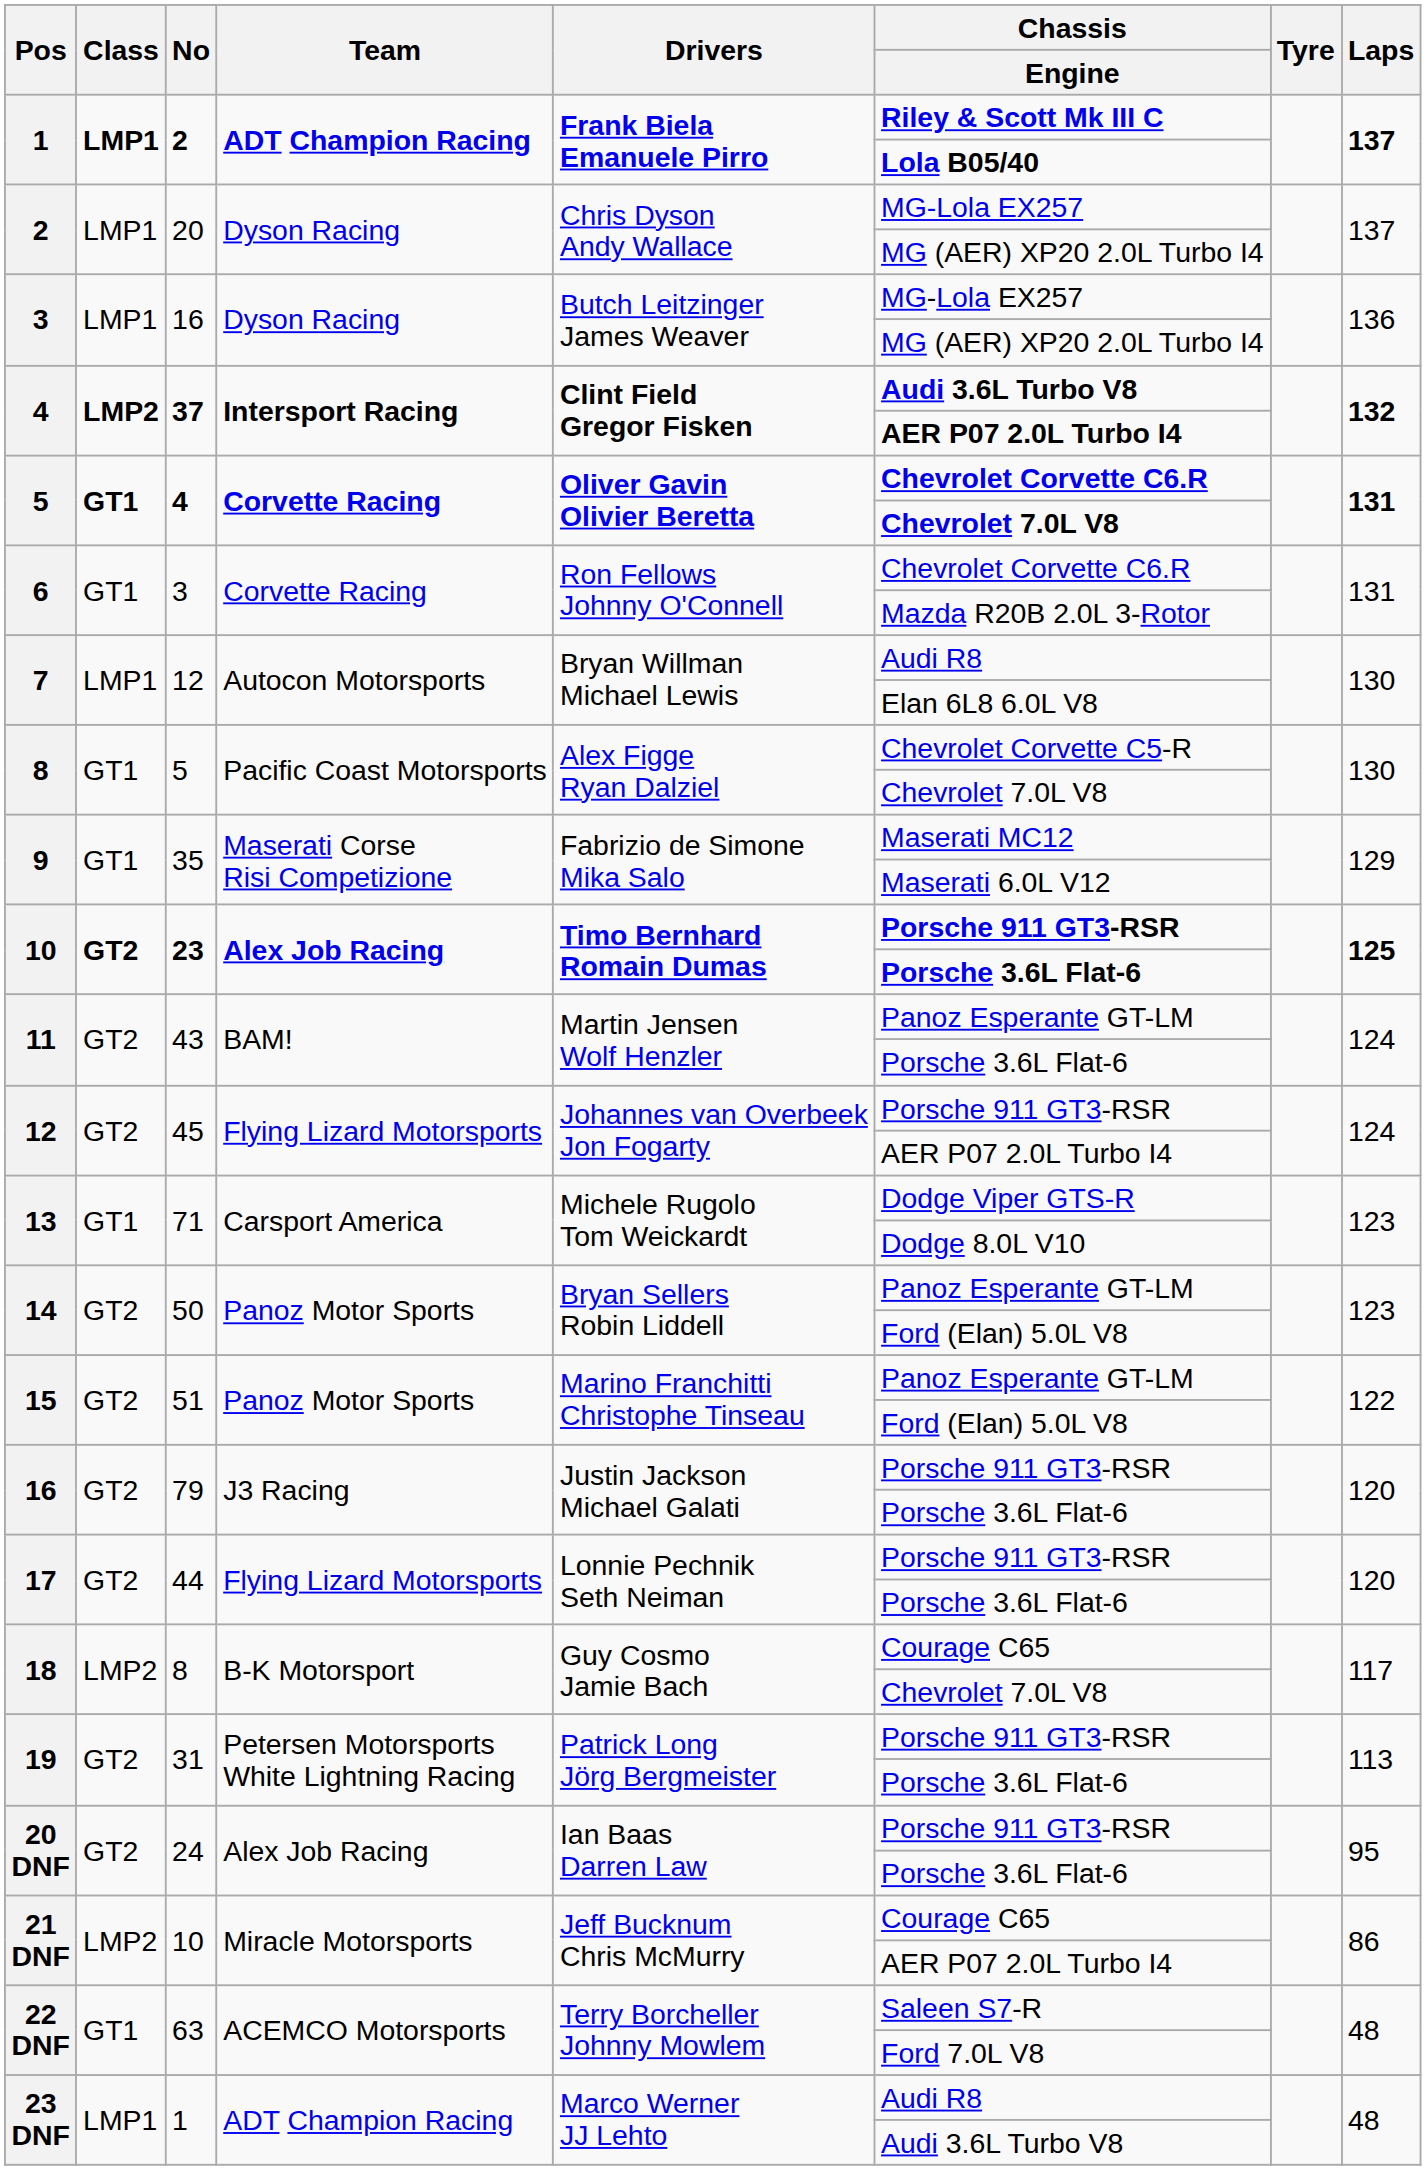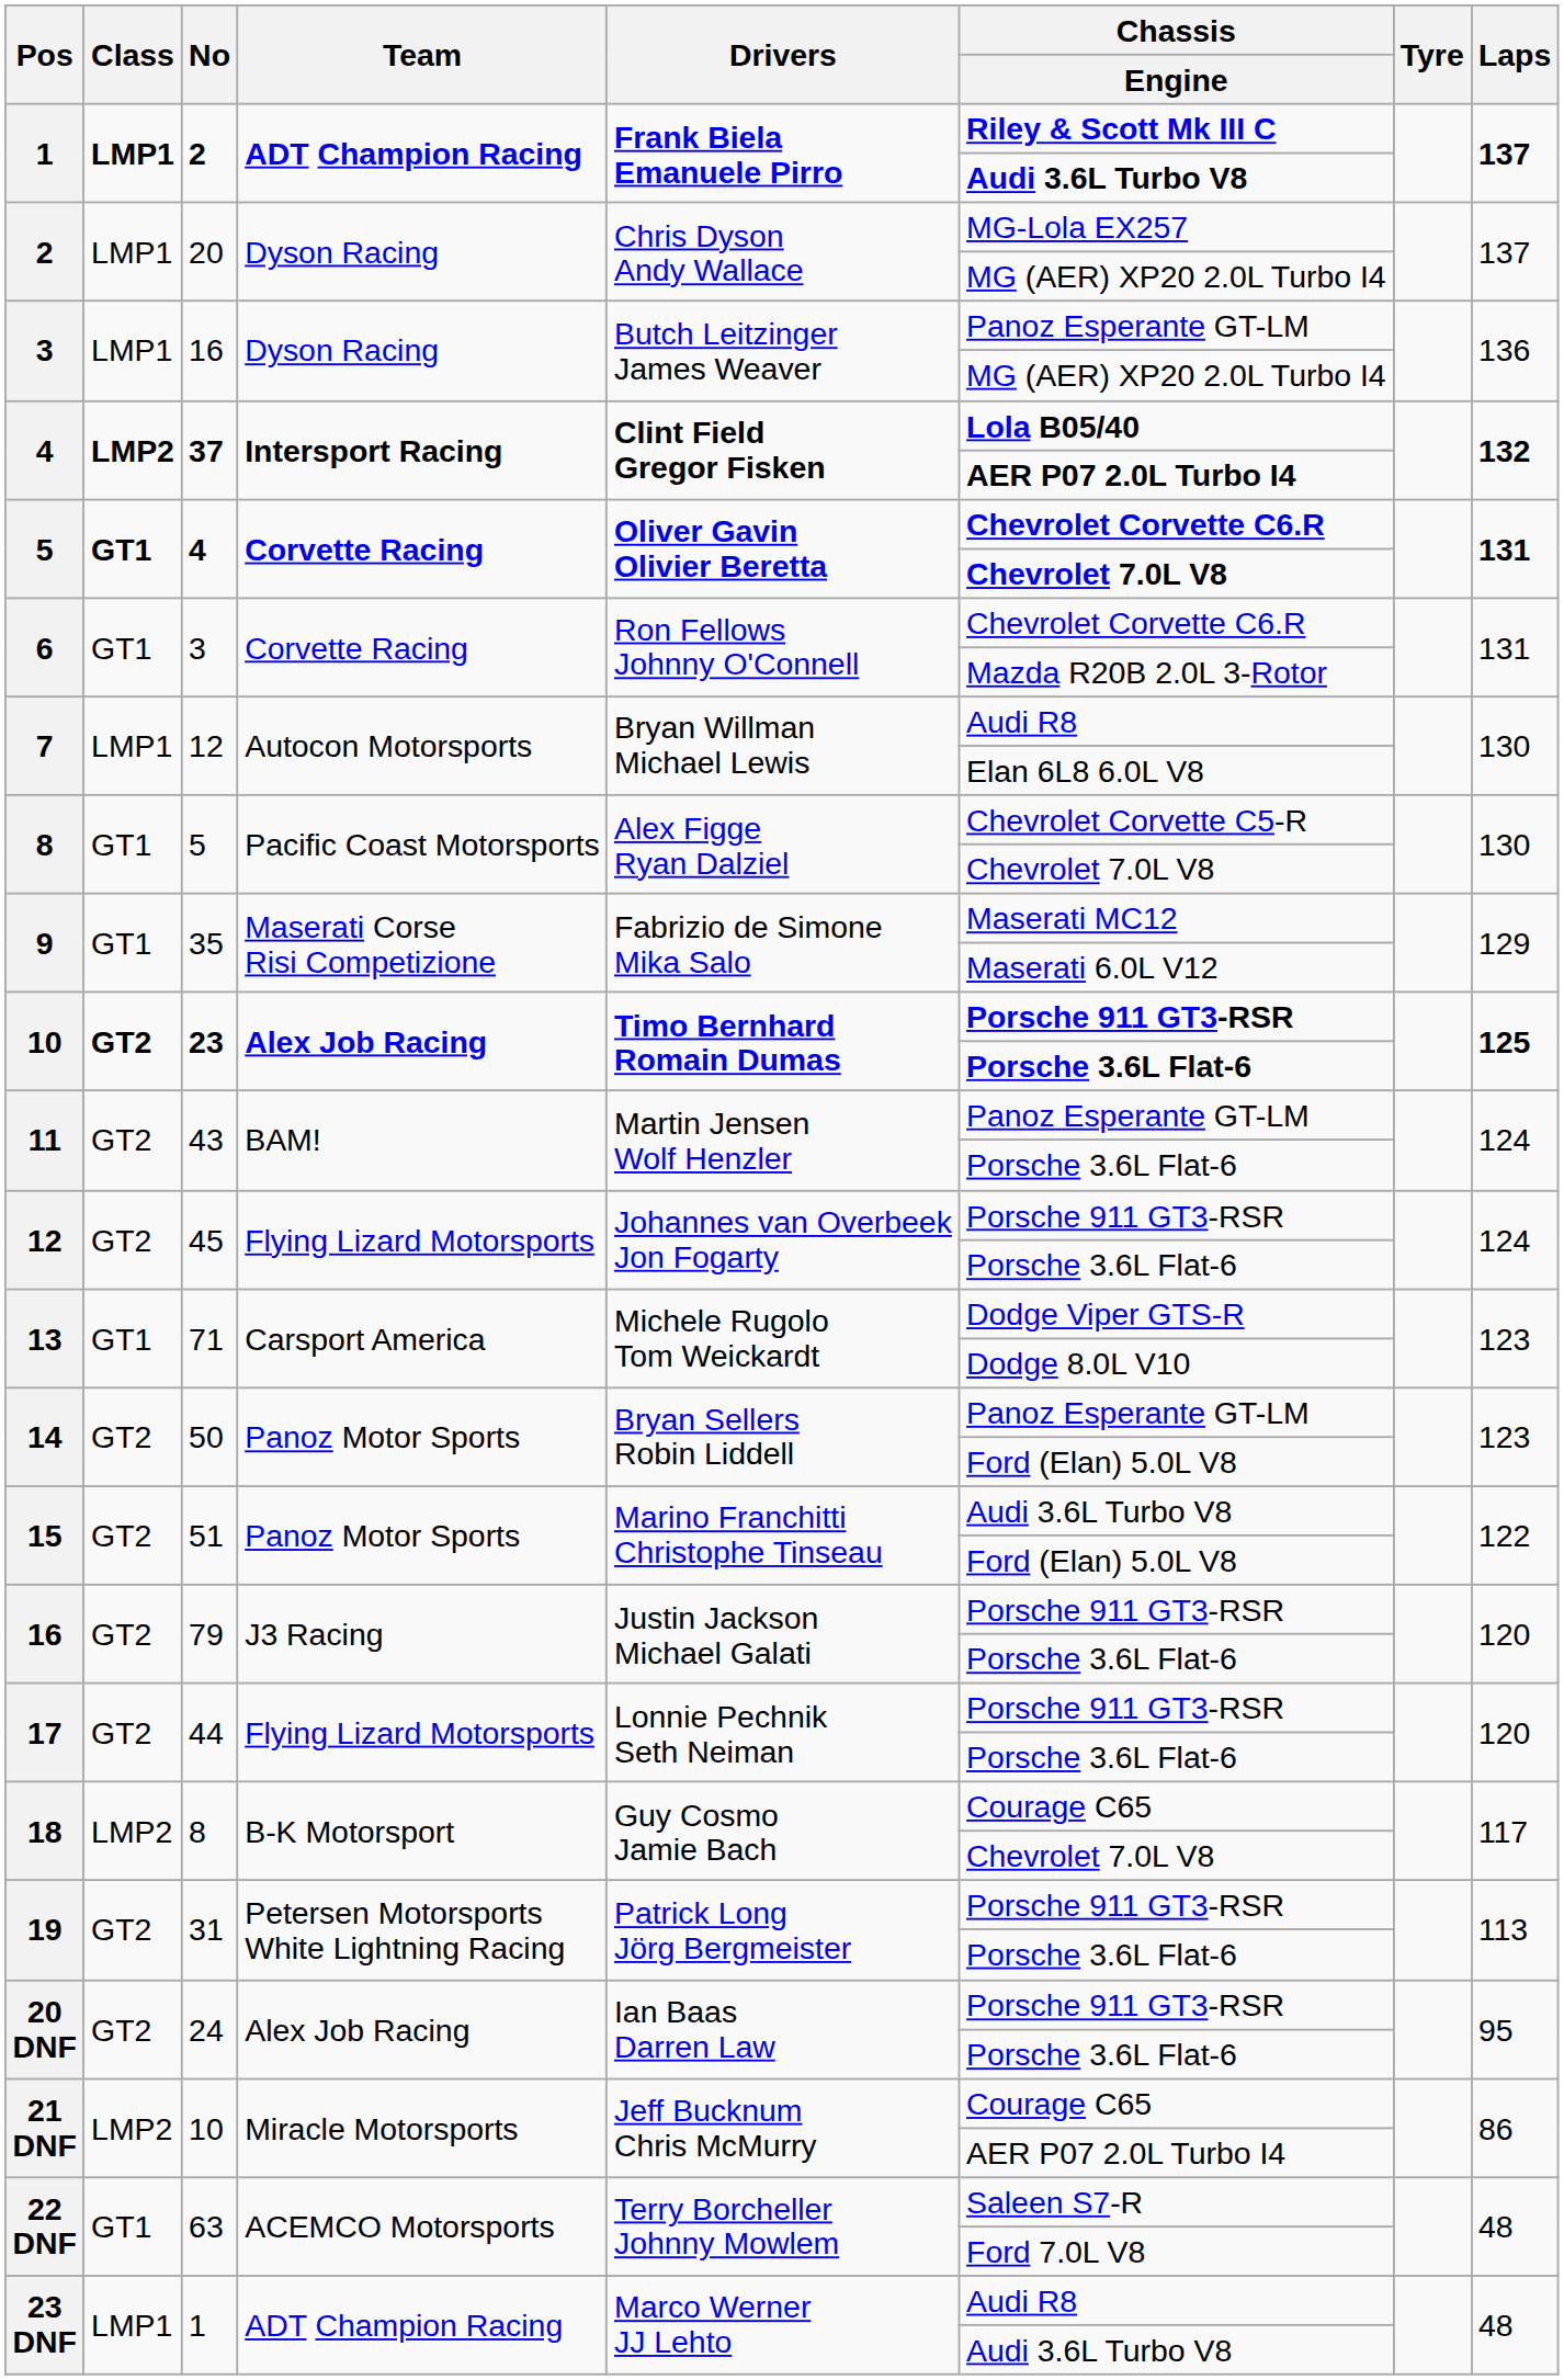 <table class="wikitable" style="font-size: 95%;">
 <tr>
 <th rowspan=2>Pos</th>
 <th rowspan=2>Class</th>
 <th rowspan=2>No</th>
 <th rowspan=2>Team</th>
 <th rowspan=2>Drivers</th>
 <th>Chassis</th>
 <th rowspan=2>Tyre</th>
 <th rowspan=2>Laps</th>
 </tr>
 <tr>
 <th>Engine</th>
 </tr>
 <tr style="font-weight:bold">
 <th rowspan=2>1</th>
 <td rowspan=2>LMP1</td>
 <td rowspan=2>2</td>
 <td rowspan=2> <a href='#'>ADT</a> <a href='#'>Champion Racing</a></td>
 <td rowspan=2> <a href='#'>Frank Biela</a><br> <a href='#'>Emanuele Pirro</a></td>
 <td><a href='#'>Riley & Scott Mk III C</a></td>
 <td rowspan=2></td>
 <td rowspan=2>137</td>
 </tr>
 <tr style="font-weight:bold">
-<td><a href='#'>Lola</a> B05/40</td>
+<td><a href='#'>Audi</a> 3.6L Turbo V8</td>
 </tr>
 <tr>
 <th rowspan=2>2</th>
 <td rowspan=2>LMP1</td>
 <td rowspan=2>20</td>
 <td rowspan=2> <a href='#'>Dyson Racing</a></td>
 <td rowspan=2> <a href='#'>Chris Dyson</a><br> <a href='#'>Andy Wallace</a></td>
 <td><a href='#'>MG-Lola EX257</a></td>
 <td rowspan=2></td>
 <td rowspan=2>137</td>
 </tr>
 <tr>
 <td><a href='#'>MG</a> (AER) XP20 2.0L Turbo I4</td>
 </tr>
 <tr>
 <th rowspan=2>3</th>
 <td rowspan=2>LMP1</td>
 <td rowspan=2>16</td>
 <td rowspan=2> <a href='#'>Dyson Racing</a></td>
 <td rowspan=2> <a href='#'>Butch Leitzinger</a><br> James Weaver</td>
-<td><a href='#'>MG</a>-<a href='#'>Lola</a> EX257</td>
+<td><a href='#'>Panoz Esperante</a> GT-LM</td>
 <td rowspan=2></td>
 <td rowspan=2>136</td>
 </tr>
 <tr>
 <td><a href='#'>MG</a> (AER) XP20 2.0L Turbo I4</td>
 </tr>
 <tr style="font-weight:bold">
 <th rowspan=2>4</th>
 <td rowspan=2>LMP2</td>
 <td rowspan=2>37</td>
 <td rowspan=2> Intersport Racing</td>
 <td rowspan=2> Clint Field<br> Gregor Fisken</td>
-<td><a href='#'>Audi</a> 3.6L Turbo V8</td>
+<td><a href='#'>Lola</a> B05/40</td>
 <td rowspan=2></td>
 <td rowspan=2>132</td>
 </tr>
 <tr style="font-weight:bold">
 <td>AER P07 2.0L Turbo I4</td>
 </tr>
 <tr style="font-weight:bold">
 <th rowspan=2>5</th>
 <td rowspan=2>GT1</td>
 <td rowspan=2>4</td>
 <td rowspan=2> <a href='#'>Corvette Racing</a></td>
 <td rowspan=2> <a href='#'>Oliver Gavin</a><br> <a href='#'>Olivier Beretta</a></td>
 <td><a href='#'>Chevrolet Corvette C6.R</a></td>
 <td rowspan=2></td>
 <td rowspan=2>131</td>
 </tr>
 <tr style="font-weight:bold">
 <td><a href='#'>Chevrolet</a> 7.0L V8</td>
 </tr>
 <tr>
 <th rowspan=2>6</th>
 <td rowspan=2>GT1</td>
 <td rowspan=2>3</td>
 <td rowspan=2> <a href='#'>Corvette Racing</a></td>
 <td rowspan=2> <a href='#'>Ron Fellows</a><br> <a href='#'>Johnny O'Connell</a></td>
 <td><a href='#'>Chevrolet Corvette C6.R</a></td>
 <td rowspan=2></td>
 <td rowspan=2>131</td>
 </tr>
 <tr>
 <td><a href='#'>Mazda</a> R20B 2.0L 3-<a href='#'>Rotor</a></td>
 </tr>
 <tr>
 <th rowspan=2>7</th>
 <td rowspan=2>LMP1</td>
 <td rowspan=2>12</td>
 <td rowspan=2> Autocon Motorsports</td>
 <td rowspan=2> Bryan Willman<br> Michael Lewis</td>
 <td><a href='#'>Audi R8</a></td>
 <td rowspan=2></td>
 <td rowspan=2>130</td>
 </tr>
 <tr>
 <td>Elan 6L8 6.0L V8</td>
 </tr>
 <tr>
 <th rowspan=2>8</th>
 <td rowspan=2>GT1</td>
 <td rowspan=2>5</td>
 <td rowspan=2> Pacific Coast Motorsports</td>
 <td rowspan=2> <a href='#'>Alex Figge</a><br> <a href='#'>Ryan Dalziel</a></td>
 <td><a href='#'>Chevrolet Corvette C5</a>-R</td>
 <td rowspan=2></td>
 <td rowspan=2>130</td>
 </tr>
 <tr>
 <td><a href='#'>Chevrolet</a> 7.0L V8</td>
 </tr>
 <tr>
 <th rowspan=2>9</th>
 <td rowspan=2>GT1</td>
 <td rowspan=2>35</td>
 <td rowspan=2> <a href='#'>Maserati</a> Corse<br> <a href='#'>Risi Competizione</a></td>
 <td rowspan=2> Fabrizio de Simone<br> <a href='#'>Mika Salo</a></td>
 <td><a href='#'>Maserati MC12</a></td>
 <td rowspan=2></td>
 <td rowspan=2>129</td>
 </tr>
 <tr>
 <td><a href='#'>Maserati</a> 6.0L V12</td>
 </tr>
 <tr style="font-weight:bold">
 <th rowspan=2>10</th>
 <td rowspan=2>GT2</td>
 <td rowspan=2>23</td>
 <td rowspan=2> <a href='#'>Alex Job Racing</a></td>
 <td rowspan=2> <a href='#'>Timo Bernhard</a><br> <a href='#'>Romain Dumas</a></td>
 <td><a href='#'>Porsche 911 GT3</a>-RSR</td>
 <td rowspan=2></td>
 <td rowspan=2>125</td>
 </tr>
 <tr style="font-weight:bold">
 <td><a href='#'>Porsche</a> 3.6L Flat-6</td>
 </tr>
 <tr>
 <th rowspan=2>11</th>
 <td rowspan=2>GT2</td>
 <td rowspan=2>43</td>
 <td rowspan=2> BAM!</td>
 <td rowspan=2> Martin Jensen<br> <a href='#'>Wolf Henzler</a></td>
 <td><a href='#'>Panoz Esperante</a> GT-LM</td>
 <td rowspan=2></td>
 <td rowspan=2>124</td>
 </tr>
 <tr>
 <td><a href='#'>Porsche</a> 3.6L Flat-6</td>
 </tr>
 <tr>
 <th rowspan=2>12</th>
 <td rowspan=2>GT2</td>
 <td rowspan=2>45</td>
 <td rowspan=2> <a href='#'>Flying Lizard Motorsports</a></td>
 <td rowspan=2> <a href='#'>Johannes van Overbeek</a><br> <a href='#'>Jon Fogarty</a></td>
 <td><a href='#'>Porsche 911 GT3</a>-RSR</td>
 <td rowspan=2></td>
 <td rowspan=2>124</td>
 </tr>
 <tr>
-<td>AER P07 2.0L Turbo I4</td>
+<td><a href='#'>Porsche</a> 3.6L Flat-6</td>
 </tr>
 <tr>
 <th rowspan=2>13</th>
 <td rowspan=2>GT1</td>
 <td rowspan=2>71</td>
 <td rowspan=2> Carsport America</td>
 <td rowspan=2> Michele Rugolo<br> Tom Weickardt</td>
 <td><a href='#'>Dodge Viper GTS-R</a></td>
 <td rowspan=2></td>
 <td rowspan=2>123</td>
 </tr>
 <tr>
 <td><a href='#'>Dodge</a> 8.0L V10</td>
 </tr>
 <tr>
 <th rowspan=2>14</th>
 <td rowspan=2>GT2</td>
 <td rowspan=2>50</td>
 <td rowspan=2> <a href='#'>Panoz</a> Motor Sports</td>
 <td rowspan=2> <a href='#'>Bryan Sellers</a><br> Robin Liddell</td>
 <td><a href='#'>Panoz Esperante</a> GT-LM</td>
 <td rowspan=2></td>
 <td rowspan=2>123</td>
 </tr>
 <tr>
 <td><a href='#'>Ford</a> (Elan) 5.0L V8</td>
 </tr>
 <tr>
 <th rowspan=2>15</th>
 <td rowspan=2>GT2</td>
 <td rowspan=2>51</td>
 <td rowspan=2> <a href='#'>Panoz</a> Motor Sports</td>
 <td rowspan=2> <a href='#'>Marino Franchitti</a><br> <a href='#'>Christophe Tinseau</a></td>
-<td><a href='#'>Panoz Esperante</a> GT-LM</td>
+<td><a href='#'>Audi</a> 3.6L Turbo V8</td>
 <td rowspan=2></td>
 <td rowspan=2>122</td>
 </tr>
 <tr>
 <td><a href='#'>Ford</a> (Elan) 5.0L V8</td>
 </tr>
 <tr>
 <th rowspan=2>16</th>
 <td rowspan=2>GT2</td>
 <td rowspan=2>79</td>
 <td rowspan=2> J3 Racing</td>
 <td rowspan=2> Justin Jackson<br> Michael Galati</td>
 <td><a href='#'>Porsche 911 GT3</a>-RSR</td>
 <td rowspan=2></td>
 <td rowspan=2>120</td>
 </tr>
 <tr>
 <td><a href='#'>Porsche</a> 3.6L Flat-6</td>
 </tr>
 <tr>
 <th rowspan=2>17</th>
 <td rowspan=2>GT2</td>
 <td rowspan=2>44</td>
 <td rowspan=2> <a href='#'>Flying Lizard Motorsports</a></td>
 <td rowspan=2> Lonnie Pechnik<br> Seth Neiman</td>
 <td><a href='#'>Porsche 911 GT3</a>-RSR</td>
 <td rowspan=2></td>
 <td rowspan=2>120</td>
 </tr>
 <tr>
 <td><a href='#'>Porsche</a> 3.6L Flat-6</td>
 </tr>
 <tr>
 <th rowspan=2>18</th>
 <td rowspan=2>LMP2</td>
 <td rowspan=2>8</td>
 <td rowspan=2> B-K Motorsport</td>
 <td rowspan=2> Guy Cosmo<br> Jamie Bach</td>
 <td><a href='#'>Courage</a> C65</td>
 <td rowspan=2></td>
 <td rowspan=2>117</td>
 </tr>
 <tr>
 <td><a href='#'>Chevrolet</a> 7.0L V8</td>
 </tr>
 <tr>
 <th rowspan=2>19</th>
 <td rowspan=2>GT2</td>
 <td rowspan=2>31</td>
 <td rowspan=2> Petersen Motorsports<br> White Lightning Racing</td>
 <td rowspan=2> <a href='#'>Patrick Long</a><br> <a href='#'>Jörg Bergmeister</a></td>
 <td><a href='#'>Porsche 911 GT3</a>-RSR</td>
 <td rowspan=2></td>
 <td rowspan=2>113</td>
 </tr>
 <tr>
 <td><a href='#'>Porsche</a> 3.6L Flat-6</td>
 </tr>
 <tr>
 <th rowspan=2>20<br>DNF</th>
 <td rowspan=2>GT2</td>
 <td rowspan=2>24</td>
 <td rowspan=2> Alex Job Racing</td>
 <td rowspan=2> Ian Baas<br> <a href='#'>Darren Law</a></td>
 <td><a href='#'>Porsche 911 GT3</a>-RSR</td>
 <td rowspan=2></td>
 <td rowspan=2>95</td>
 </tr>
 <tr>
 <td><a href='#'>Porsche</a> 3.6L Flat-6</td>
 </tr>
 <tr>
 <th rowspan=2>21<br>DNF</th>
 <td rowspan=2>LMP2</td>
 <td rowspan=2>10</td>
 <td rowspan=2> Miracle Motorsports</td>
 <td rowspan=2> <a href='#'>Jeff Bucknum</a><br> Chris McMurry</td>
 <td><a href='#'>Courage</a> C65</td>
 <td rowspan=2></td>
 <td rowspan=2>86</td>
 </tr>
 <tr>
 <td>AER P07 2.0L Turbo I4</td>
 </tr>
 <tr>
 <th rowspan=2>22<br>DNF</th>
 <td rowspan=2>GT1</td>
 <td rowspan=2>63</td>
 <td rowspan=2> ACEMCO Motorsports</td>
 <td rowspan=2> <a href='#'>Terry Borcheller</a><br> <a href='#'>Johnny Mowlem</a></td>
 <td><a href='#'>Saleen S7</a>-R</td>
 <td rowspan=2></td>
 <td rowspan=2>48</td>
 </tr>
 <tr>
 <td><a href='#'>Ford</a> 7.0L V8</td>
 </tr>
 <tr>
 <th rowspan=2>23<br>DNF</th>
 <td rowspan=2>LMP1</td>
 <td rowspan=2>1</td>
 <td rowspan=2> <a href='#'>ADT</a> <a href='#'>Champion Racing</a></td>
 <td rowspan=2> <a href='#'>Marco Werner</a><br> <a href='#'>JJ Lehto</a></td>
 <td><a href='#'>Audi R8</a></td>
 <td rowspan=2></td>
 <td rowspan=2>48</td>
 </tr>
 <tr>
 <td><a href='#'>Audi</a> 3.6L Turbo V8</td>
 </tr>
 </table>
